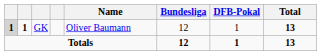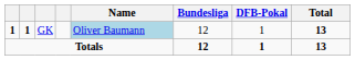 <table class="wikitable" style="text-align:center">
 <tr>
 <th width=15></th>
 <th width=15></th>
 <th width=15></th>
 <th width=15></th>
 <th width=145>Name</th>
 <th width=80><strong><a href='#'>Bundesliga</a></strong></th>
 <th width=80><strong><a href='#'>DFB-Pokal</a></strong></th>
 <th width=80>Total</th>
 </tr>
 <tr>
-<td rowspan=1 style="background: lightgrey;"><strong>1</strong></td>
+<td rowspan=1><strong>1</strong></td>
 <td><strong>1</strong></td>
 <td><a href='#'>GK</a></td>
 <td></td>
-<td align=left><a href='#'>Oliver Baumann</a></td>
+<td align=left style="background: lightblue;"><a href='#'>Oliver Baumann</a></td>
 <td>12</td>
 <td>1</td>
 <td><strong>13</strong></td>
 </tr>
 <tr>
 <td colspan=5><strong>Totals</strong></td>
 <td><strong>12</strong></td>
 <td><strong>1</strong></td>
 <td><strong>13</strong></td>
 </tr>
 </table>
